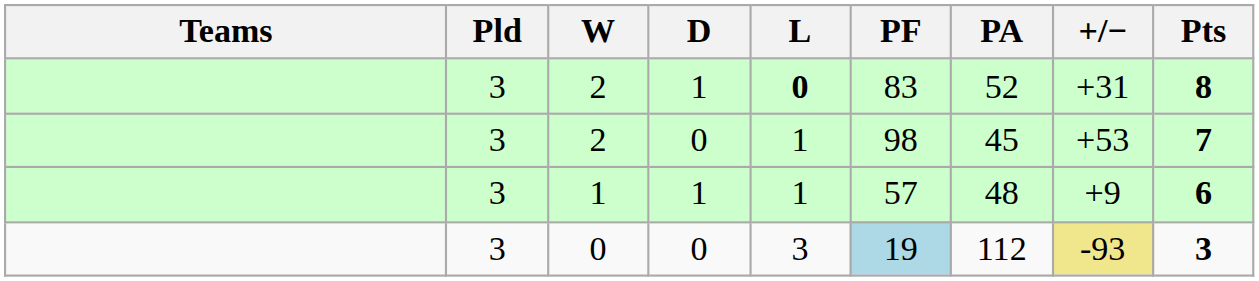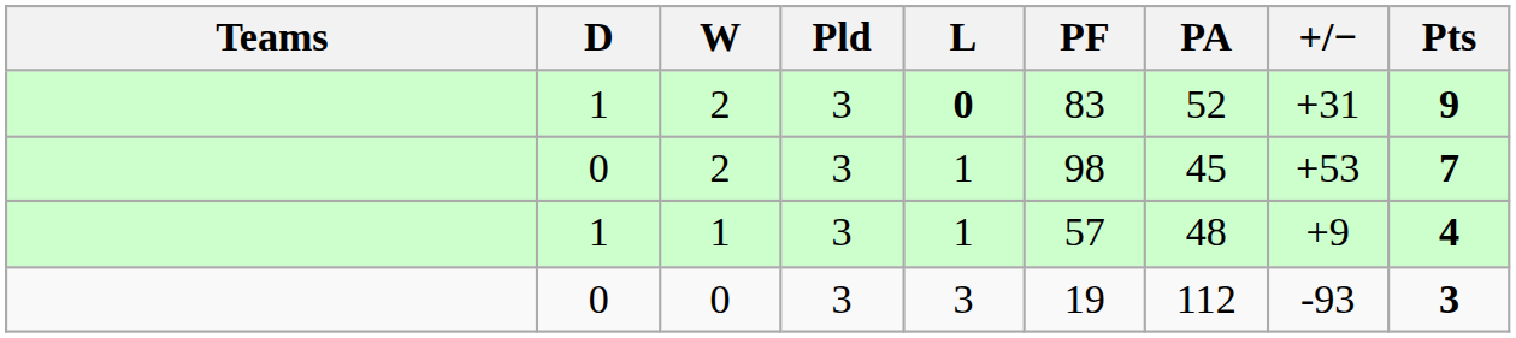 <table class="wikitable" style="text-align: center;">
 <tr>
 <th width="200">Teams</th>
+<th width="40">D</th>
+<th width="40">W</th>
 <th width="40">Pld</th>
-<th width="40">W</th>
-<th width="40">D</th>
 <th width="40">L</th>
 <th width="40">PF</th>
 <th width="40">PA</th>
 <th width="40">+/−</th>
 <th width="40">Pts</th>
 </tr>
 <tr style="background:#cfc; width:20px;">
 <td align=left></td>
+<td>1</td>
+<td>2</td>
 <td>3</td>
-<td>2</td>
-<td>1</td>
 <td><strong>0</strong></td>
 <td>83</td>
 <td>52</td>
 <td>+31</td>
-<td><strong>8</strong></td>
+<td><strong>9</strong></td>
 </tr>
 <tr style="background:#cfc; width:20px;">
 <td align=left></td>
+<td>0</td>
+<td>2</td>
 <td>3</td>
-<td>2</td>
-<td>0</td>
 <td>1</td>
 <td>98</td>
 <td>45</td>
 <td>+53</td>
 <td><strong>7</strong></td>
 </tr>
 <tr style="background:#cfc; width:20px;">
 <td align=left></td>
-<td>3</td>
 <td>1</td>
 <td>1</td>
+<td>3</td>
 <td>1</td>
 <td>57</td>
 <td>48</td>
 <td>+9</td>
-<td><strong>6</strong></td>
+<td><strong>4</strong></td>
 </tr>
 <tr>
 <td align=left></td>
-<td>3</td>
 <td>0</td>
 <td>0</td>
 <td>3</td>
-<td style="background: lightblue;">19</td>
+<td>3</td>
+<td>19</td>
 <td>112</td>
-<td style="background: khaki;">-93</td>
+<td>-93</td>
 <td><strong>3</strong></td>
 </tr>
 </table>
